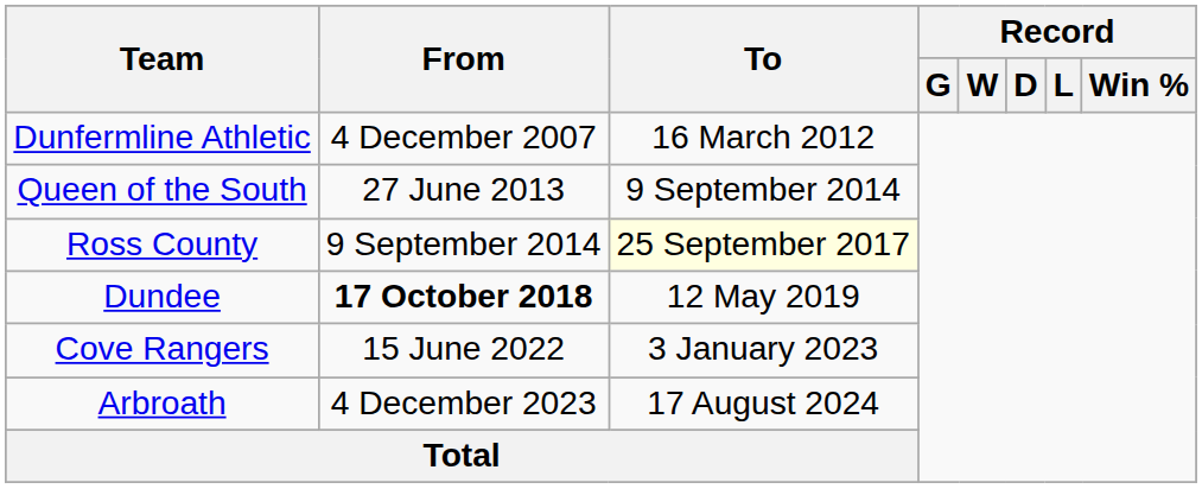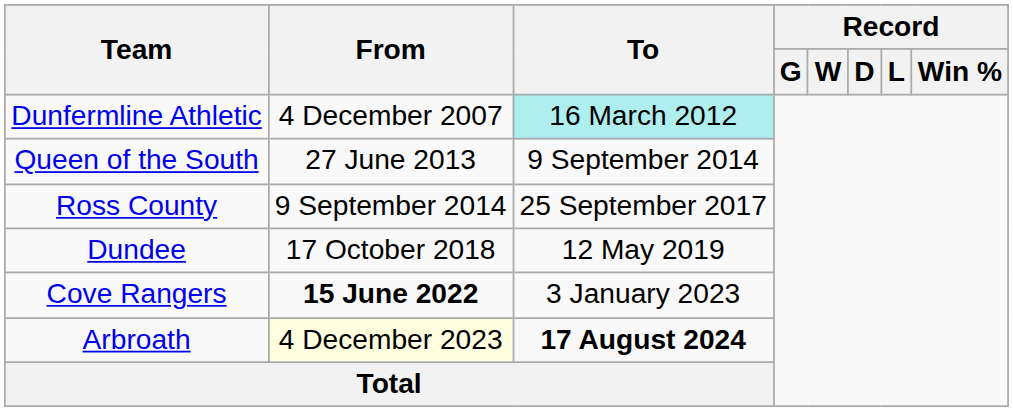 <table class="wikitable" style="text-align: center">
 <tr>
 <th rowspan="2">Team</th>
 <th rowspan="2">From</th>
 <th rowspan="2">To</th>
 <th colspan="5">Record</th>
 </tr>
 <tr>
 <th>G</th>
 <th>W</th>
 <th>D</th>
 <th>L</th>
 <th>Win %</th>
 </tr>
 <tr>
 <td align=centre><a href='#'>Dunfermline Athletic</a></td>
 <td align=centre>4 December 2007</td>
-<td align=centre>16 March 2012<br></td>
+<td align=centre style="background: paleturquoise;">16 March 2012<br></td>
 </tr>
 <tr>
 <td align=centre><a href='#'>Queen of the South</a></td>
 <td align=centre>27 June 2013</td>
 <td align=centre>9 September 2014<br></td>
 </tr>
 <tr>
 <td align=centre><a href='#'>Ross County</a></td>
 <td align=centre>9 September 2014</td>
-<td align=centre style="background: lightyellow;">25 September 2017<br></td>
+<td align=centre>25 September 2017<br></td>
 </tr>
 <tr>
 <td align=centre><a href='#'>Dundee</a></td>
-<td align=centre><strong>17 October 2018</strong></td>
+<td align=centre>17 October 2018</td>
 <td align=centre>12 May 2019<br></td>
 </tr>
 <tr>
 <td align=centre><a href='#'>Cove Rangers</a></td>
-<td align=centre>15 June 2022</td>
+<td align=centre><strong>15 June 2022</strong></td>
 <td align=centre>3 January 2023<br></td>
 </tr>
 <tr>
 <td align=centre><a href='#'>Arbroath</a></td>
-<td align=centre>4 December 2023</td>
-<td align=centre>17 August 2024<br></td>
+<td align=centre style="background: lightyellow;">4 December 2023</td>
+<td align=centre><strong>17 August 2024<br></strong></td>
 </tr>
 <tr>
 <th colspan=3>Total<br></th>
 </tr>
 </table>
